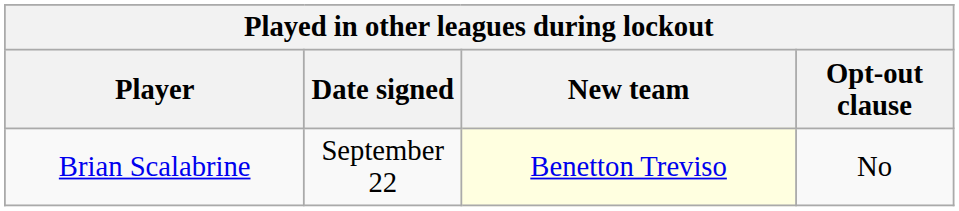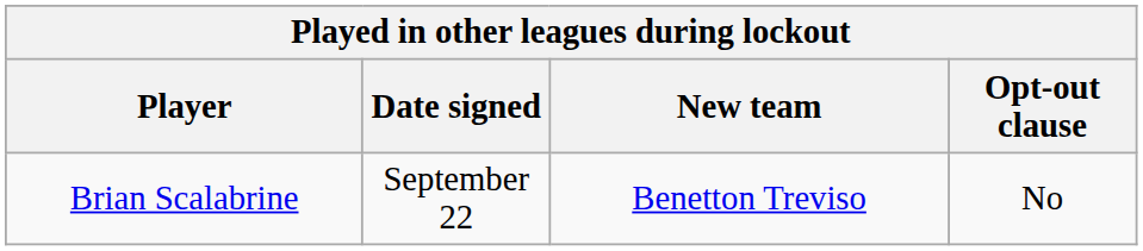 <table class="wikitable" style="text-align:center">
 <tr>
 <th colspan=4>Played in other leagues during lockout</th>
 </tr>
 <tr>
 <th style="width:160px">Player</th>
 <th style="width:80px">Date signed</th>
 <th style="width:180px">New team</th>
 <th style="width:80px">Opt-out clause</th>
 </tr>
 <tr>
 <td><a href='#'>Brian Scalabrine</a></td>
 <td>September 22</td>
-<td style="background: lightyellow;"><a href='#'>Benetton Treviso</a> </td>
+<td><a href='#'>Benetton Treviso</a> </td>
 <td>No</td>
 </tr>
 </table>
